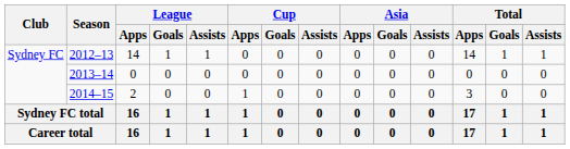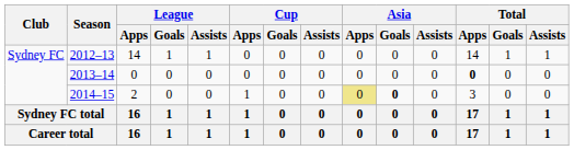 <table class="wikitable" border="1" style="font-size:100%; text-align: center;">
 <tr>
 <th rowspan="2">Club</th>
 <th rowspan="2">Season</th>
 <th colspan="3"><a href='#'>League</a></th>
 <th colspan="3"><a href='#'>Cup</a></th>
 <th colspan="3"><a href='#'>Asia</a></th>
 <th colspan="3">Total</th>
 </tr>
 <tr>
 <th>Apps</th>
 <th>Goals</th>
 <th>Assists</th>
 <th>Apps</th>
 <th>Goals</th>
 <th>Assists</th>
 <th>Apps</th>
 <th>Goals</th>
 <th>Assists</th>
 <th>Apps</th>
 <th>Goals</th>
 <th>Assists</th>
 </tr>
 <tr>
 <td rowspan="3" valign="top"><a href='#'>Sydney FC</a></td>
 <td><a href='#'>2012–13</a></td>
 <td>14</td>
 <td>1</td>
 <td>1</td>
 <td>0</td>
 <td>0</td>
 <td>0</td>
 <td>0</td>
 <td>0</td>
 <td>0</td>
 <td>14</td>
 <td>1</td>
 <td>1</td>
 </tr>
 <tr>
 <td><a href='#'>2013–14</a></td>
 <td>0</td>
 <td>0</td>
 <td>0</td>
 <td>0</td>
 <td>0</td>
 <td>0</td>
 <td>0</td>
 <td>0</td>
 <td>0</td>
-<td>0</td>
+<td><strong>0</strong></td>
 <td>0</td>
 <td>0</td>
 </tr>
 <tr>
 <td><a href='#'>2014–15</a></td>
 <td>2</td>
 <td>0</td>
 <td>0</td>
 <td>1</td>
 <td>0</td>
 <td>0</td>
-<td>0</td>
-<td>0</td>
+<td style="background: khaki;">0</td>
+<td><strong>0</strong></td>
 <td>0</td>
 <td>3</td>
 <td>0</td>
 <td>0</td>
 </tr>
 <tr>
 <th colspan="2">Sydney FC total</th>
 <th>16</th>
 <th>1</th>
 <th>1</th>
 <th>1</th>
 <th>0</th>
 <th>0</th>
 <th>0</th>
 <th>0</th>
 <th>0</th>
 <th>17</th>
 <th>1</th>
 <th>1</th>
 </tr>
 <tr>
 <th colspan="2">Career total</th>
 <th>16</th>
 <th>1</th>
 <th>1</th>
 <th>1</th>
 <th>0</th>
 <th>0</th>
 <th>0</th>
 <th>0</th>
 <th>0</th>
 <th>17</th>
 <th>1</th>
 <th>1</th>
 </tr>
 </table>
